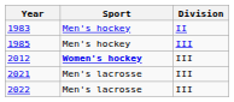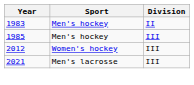 <table class="wikitable">
 <tr>
 <th width=70px>Year</th>
 <th width=150px>Sport</th>
 <th width=70px>Division</th>
 </tr>
 <tr>
 <td><a href='#'>1983</a></td>
 <td><a href='#'>Men's hockey</a></td>
 <td><a href='#'>II</a></td>
 </tr>
 <tr>
 <td><a href='#'>1985</a></td>
 <td>Men's hockey</td>
 <td><a href='#'>III</a></td>
 </tr>
 <tr>
 <td><a href='#'>2012</a></td>
-<td><strong><a href='#'>Women's hockey</a></strong></td>
+<td><a href='#'>Women's hockey</a></td>
 <td>III</td>
 </tr>
 <tr>
 <td><a href='#'>2021</a></td>
 <td>Men's lacrosse</td>
 <td>III</td>
 </tr>
-<tr>
-<td><a href='#'>2022</a></td>
-<td>Men's lacrosse</td>
-<td>III</td>
-</tr>
 </table>
